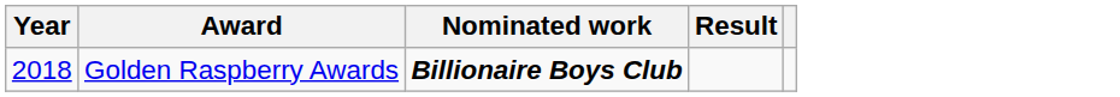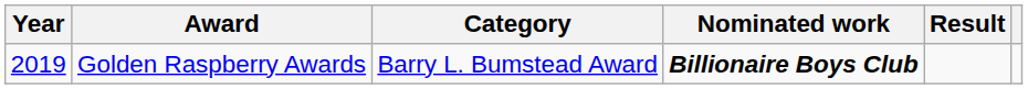 <table class="wikitable">
 <tr>
 <th>Year</th>
 <th>Award</th>
+<th>Category</th>
 <th>Nominated work</th>
 <th>Result</th>
 <th></th>
 </tr>
 <tr>
-<td><a href='#'>2018</a></td>
+<td><a href='#'>2019</a></td>
 <td><a href='#'>Golden Raspberry Awards</a></td>
+<td><a href='#'>Barry L. Bumstead Award</a></td>
 <td><strong><em>Billionaire Boys Club</em></strong></td>
 <td></td>
 <td></td>
 </tr>
 </table>
